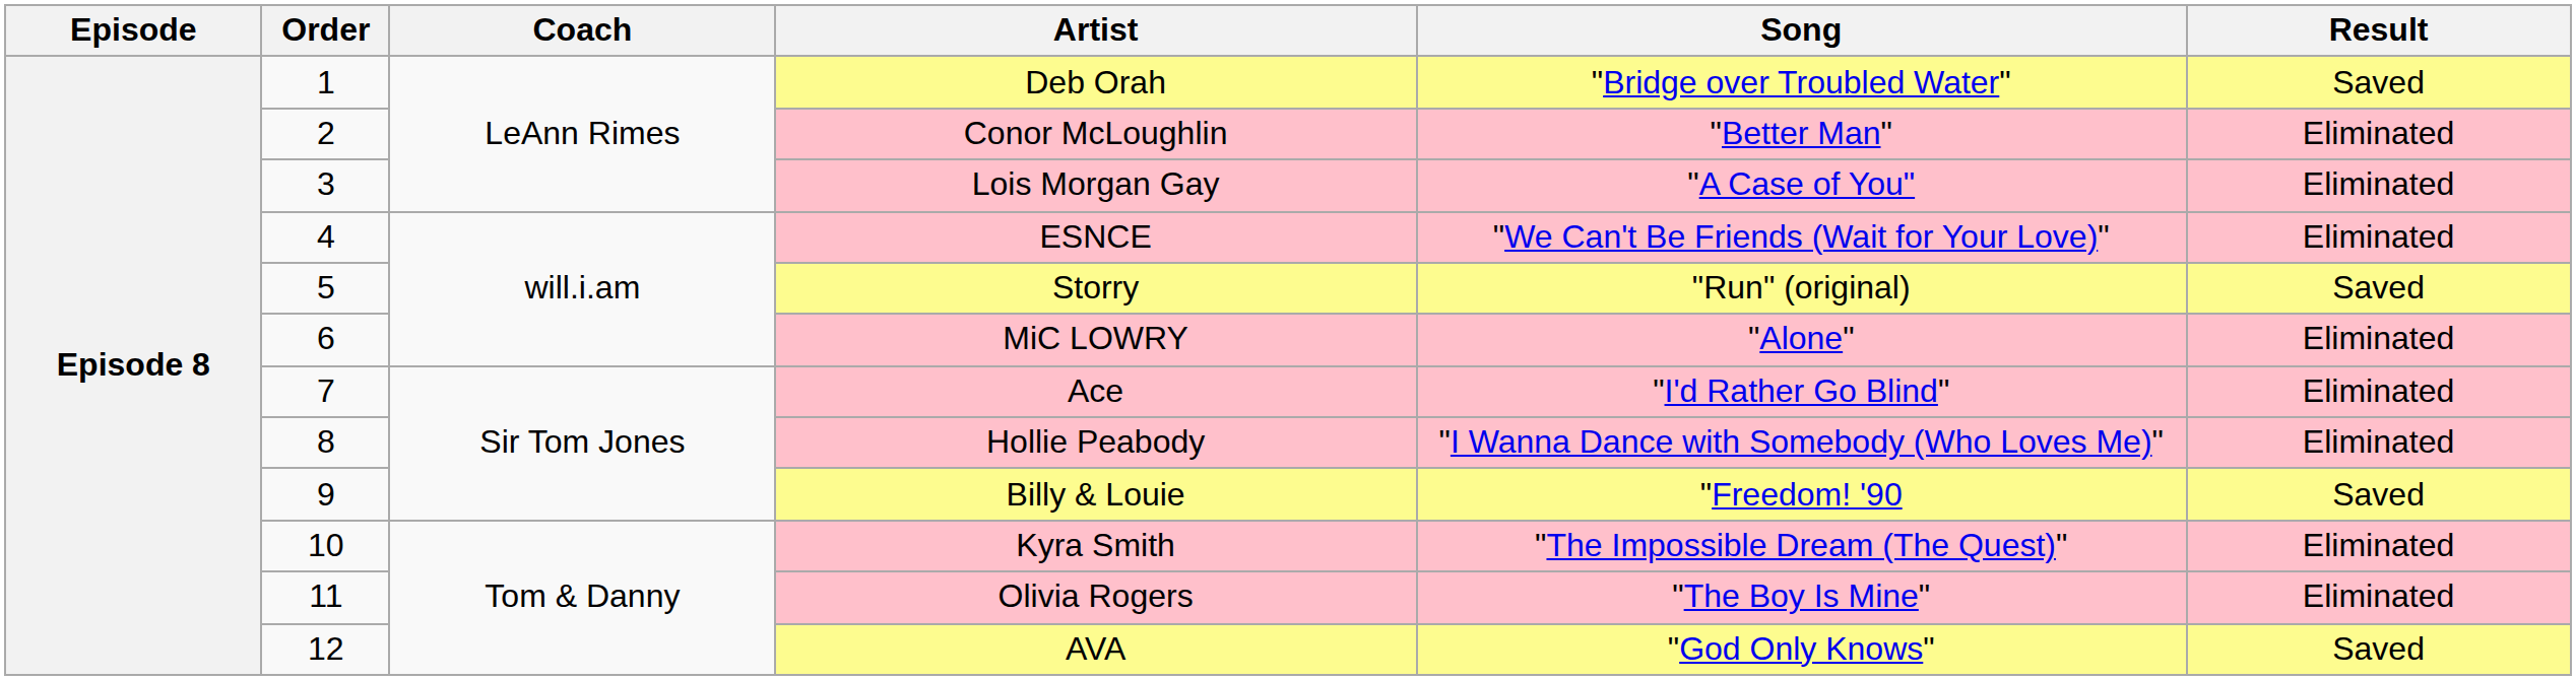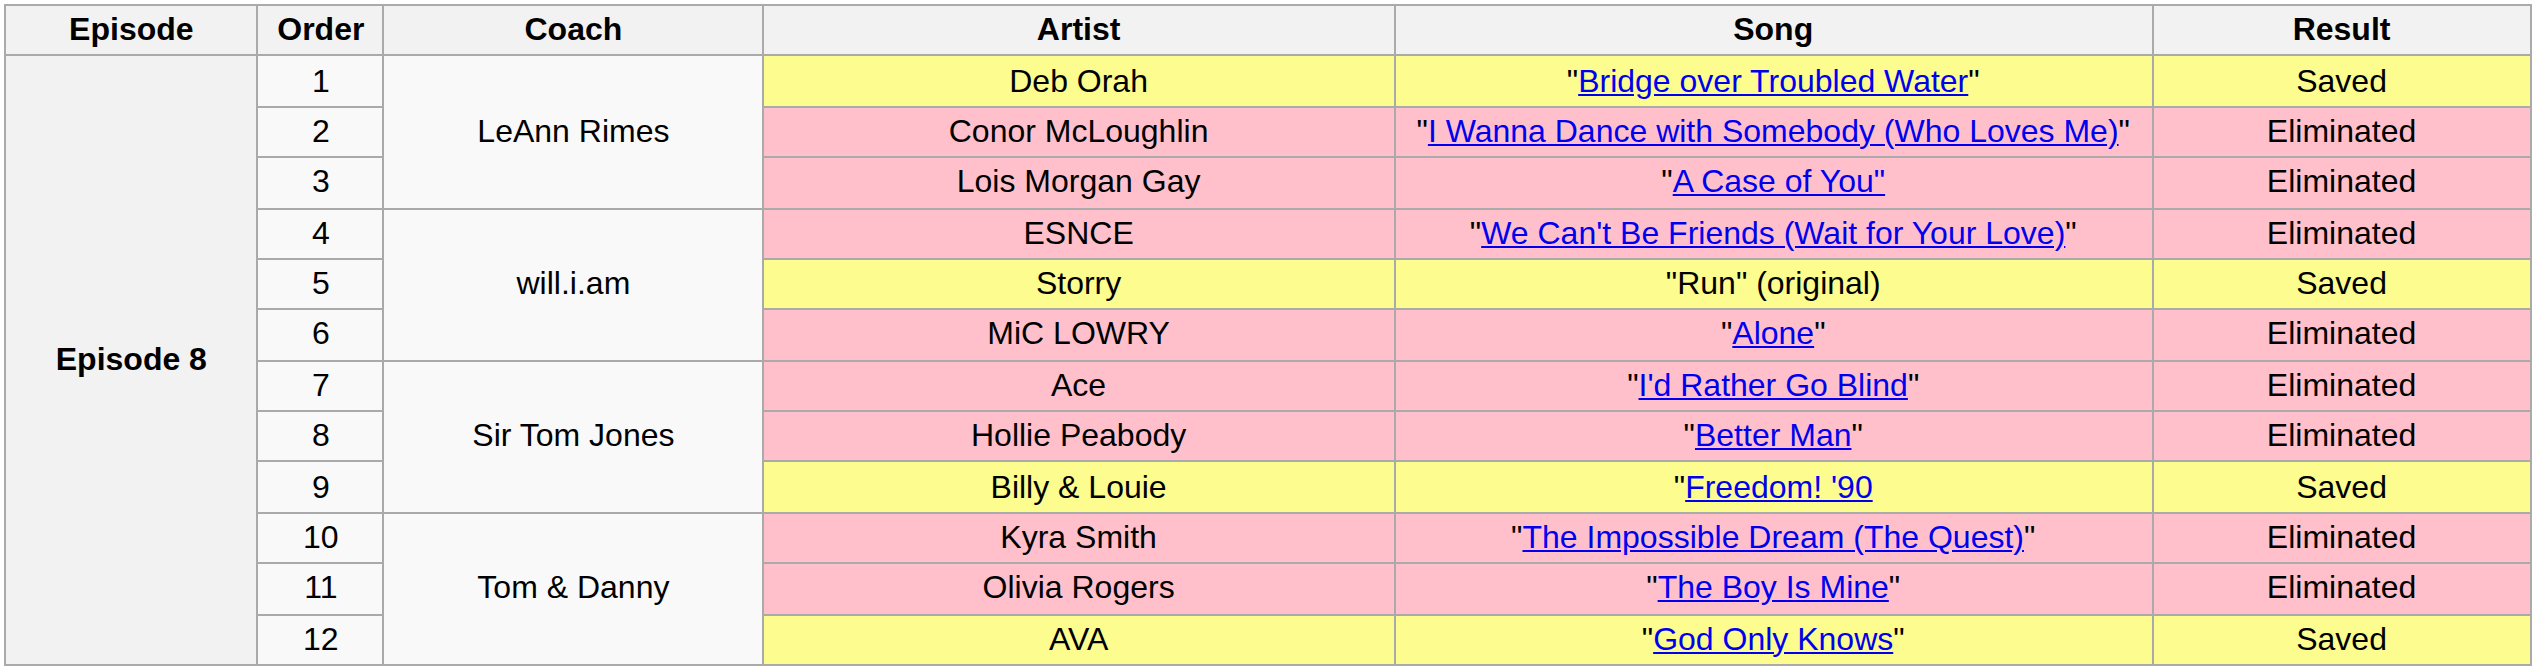 <table class="wikitable" style="text-align:center; width:100%">
 <tr>
 <th>Episode</th>
 <th style="width:05%">Order</th>
 <th style="width:15%">Coach</th>
 <th style="width:25%">Artist</th>
 <th style="width:30%">Song</th>
 <th style="width:15%">Result</th>
 </tr>
 <tr>
 <th rowspan="12">Episode 8<br></th>
 <td scope="col">1</td>
 <td rowspan="3">LeAnn Rimes</td>
 <td style="background:#fdfc8f">Deb Orah</td>
 <td style="background:#fdfc8f">"<a href='#'>Bridge over Troubled Water</a>"</td>
 <td style="background:#fdfc8f">Saved</td>
 </tr>
 <tr>
 <td scope="col">2</td>
 <td style="background:pink">Conor McLoughlin</td>
-<td style="background:pink">"<a href='#'>Better Man</a>"</td>
+<td style="background:pink">"<a href='#'>I Wanna Dance with Somebody (Who Loves Me)</a>"</td>
 <td style="background:pink">Eliminated</td>
 </tr>
 <tr>
 <td scope="col">3</td>
 <td style="background:pink">Lois Morgan Gay</td>
 <td style="background:pink">"<a href='#'>A Case of You"</a></td>
 <td style="background:pink">Eliminated</td>
 </tr>
 <tr>
 <td scope="col">4</td>
 <td rowspan="3">will.i.am</td>
 <td style="background:pink">ESNCE</td>
 <td style="background:pink">"<a href='#'>We Can't Be Friends (Wait for Your Love)</a>"</td>
 <td style="background:pink">Eliminated</td>
 </tr>
 <tr>
 <td scope="col">5</td>
 <td style="background:#fdfc8f">Storry</td>
 <td style="background:#fdfc8f">"Run" (original)</td>
 <td style="background:#fdfc8f">Saved</td>
 </tr>
 <tr>
 <td scope="col">6</td>
 <td style="background:pink">MiC LOWRY</td>
 <td style="background:pink">"<a href='#'>Alone</a>"</td>
 <td style="background:pink">Eliminated</td>
 </tr>
 <tr>
 <td scope="col">7</td>
 <td rowspan="3">Sir Tom Jones</td>
 <td style="background:pink">Ace</td>
 <td style="background:pink">"<a href='#'>I'd Rather Go Blind</a>"</td>
 <td style="background:pink">Eliminated</td>
 </tr>
 <tr>
 <td scope="col">8</td>
 <td style="background:pink">Hollie Peabody</td>
-<td style="background:pink">"<a href='#'>I Wanna Dance with Somebody (Who Loves Me)</a>"</td>
+<td style="background:pink">"<a href='#'>Better Man</a>"</td>
 <td style="background:pink">Eliminated</td>
 </tr>
 <tr>
 <td scope="col">9</td>
 <td style="background:#fdfc8f">Billy & Louie</td>
 <td style="background:#fdfc8f">"<a href='#'>Freedom! '90</a></td>
 <td style="background:#fdfc8f">Saved</td>
 </tr>
 <tr>
 <td scope="col">10</td>
 <td rowspan="3">Tom & Danny</td>
 <td style="background:pink">Kyra Smith</td>
 <td style="background:pink">"<a href='#'>The Impossible Dream (The Quest)</a>"</td>
 <td style="background:pink">Eliminated</td>
 </tr>
 <tr>
 <td scope="col">11</td>
 <td style="background:pink">Olivia Rogers</td>
 <td style="background:pink">"<a href='#'>The Boy Is Mine</a>"</td>
 <td style="background:pink">Eliminated</td>
 </tr>
 <tr>
 <td scope="col">12</td>
 <td style="background:#fdfc8f">AVA</td>
 <td style="background:#fdfc8f">"<a href='#'>God Only Knows</a>"</td>
 <td style="background:#fdfc8f">Saved</td>
 </tr>
 </table>
